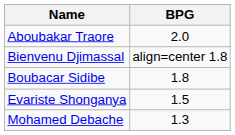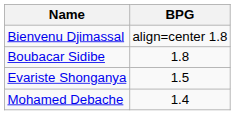 <table class="wikitable">
 <tr>
 <th>Name</th>
 <th>BPG</th>
-</tr>
-<tr>
-<td> <a href='#'>Aboubakar Traore</a></td>
-<td align=center>2.0</td>
 </tr>
 <tr>
 <td> <a href='#'>Bienvenu Djimassal</a></td>
 <td>align=center 1.8</td>
 </tr>
 <tr>
 <td> <a href='#'>Boubacar Sidibe</a></td>
 <td align=center>1.8</td>
 </tr>
 <tr>
 <td> <a href='#'>Evariste Shonganya</a></td>
 <td align=center>1.5</td>
 </tr>
 <tr>
 <td> <a href='#'>Mohamed Debache</a></td>
-<td align=center>1.3</td>
+<td align=center>1.4</td>
 </tr>
 </table>
